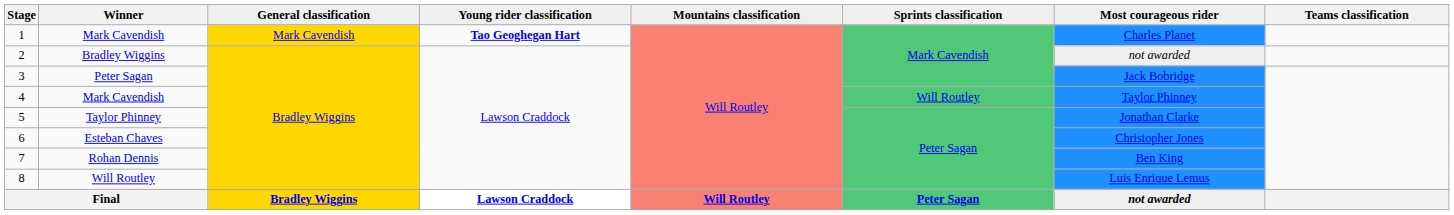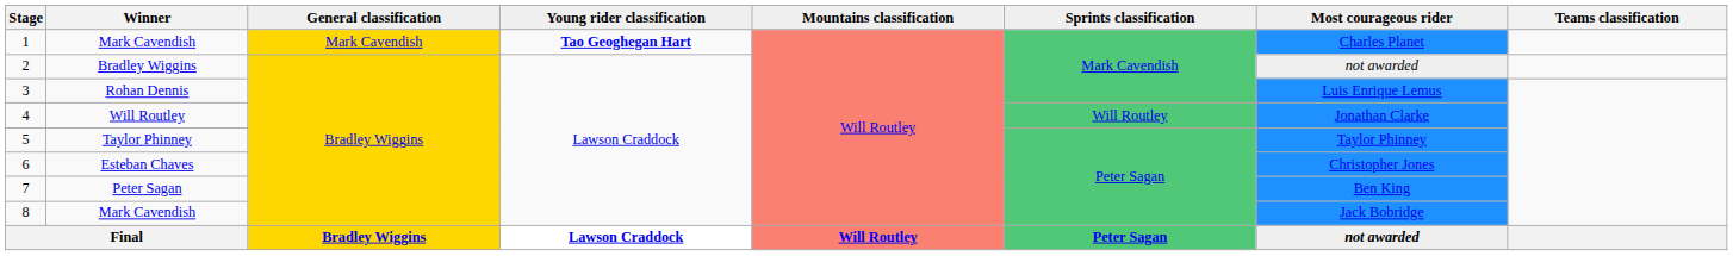 <table class="wikitable" style="text-align: center; font-size:smaller;">
 <tr style="background-color: #efefef;">
 <th>Stage</th>
 <th width="12%">Winner</th>
 <th style="background:#EFEFEF;" width="15%"><strong>General classification</strong><br></th>
 <th style="background:#EFEFEF;" width="15%"><strong>Young rider classification</strong><br></th>
 <th style="background:#EFEFEF;" width="15%"><strong>Mountains classification</strong><br></th>
 <th style="background:#EFEFEF;" width="15%"><strong>Sprints classification</strong><br></th>
 <th style="background:#EFEFEF;" width="15%"><strong>Most courageous rider</strong><br></th>
 <th style="background:;" width="25%"><strong>Teams classification</strong><br></th>
 </tr>
 <tr>
 <td>1</td>
 <td><a href='#'>Mark Cavendish</a></td>
 <td style="background:Gold;"><a href='#'>Mark Cavendish</a></td>
 <td style="background:offwhite;"><strong><a href='#'>Tao Geoghegan Hart</a></strong></td>
 <td style="background:salmon;" rowspan="8"><a href='#'>Will Routley</a></td>
 <td style="background:#50C878;" rowspan="3"><a href='#'>Mark Cavendish</a></td>
 <td style="background:#1E90FF;"><a href='#'>Charles Planet</a></td>
 <td></td>
 </tr>
 <tr>
 <td>2</td>
 <td><a href='#'>Bradley Wiggins</a></td>
 <td style="background:Gold;" rowspan="7"><a href='#'>Bradley Wiggins</a></td>
 <td style="background:offwhite;" rowspan="7"><a href='#'>Lawson Craddock</a></td>
 <td style="background:#EFEFEF;"><em>not awarded</em></td>
 <td></td>
 </tr>
 <tr>
 <td>3</td>
-<td><a href='#'>Peter Sagan</a></td>
-<td style="background:#1E90FF;"><a href='#'>Jack Bobridge</a></td>
+<td><a href='#'>Rohan Dennis</a></td>
+<td style="background:#1E90FF;"><a href='#'>Luis Enrique Lemus</a></td>
 <td rowspan=6></td>
 </tr>
 <tr>
 <td>4</td>
-<td><a href='#'>Mark Cavendish</a></td>
+<td><a href='#'>Will Routley</a></td>
 <td style="background:#50C878;"><a href='#'>Will Routley</a></td>
-<td style="background:#1E90FF;"><a href='#'>Taylor Phinney</a></td>
+<td style="background:#1E90FF;"><a href='#'>Jonathan Clarke</a></td>
 </tr>
 <tr>
 <td>5</td>
 <td><a href='#'>Taylor Phinney</a></td>
 <td style="background:#50C878;" rowspan=4><a href='#'>Peter Sagan</a></td>
-<td style="background:#1E90FF;"><a href='#'>Jonathan Clarke</a></td>
+<td style="background:#1E90FF;"><a href='#'>Taylor Phinney</a></td>
 </tr>
 <tr>
 <td>6</td>
 <td><a href='#'>Esteban Chaves</a></td>
 <td style="background:#1E90FF;"><a href='#'>Christopher Jones</a></td>
 </tr>
 <tr>
 <td>7</td>
-<td><a href='#'>Rohan Dennis</a></td>
+<td><a href='#'>Peter Sagan</a></td>
 <td style="background:#1E90FF;"><a href='#'>Ben King</a></td>
 </tr>
 <tr>
 <td>8</td>
-<td><a href='#'>Will Routley</a></td>
-<td style="background:#1E90FF;"><a href='#'>Luis Enrique Lemus</a></td>
+<td><a href='#'>Mark Cavendish</a></td>
+<td style="background:#1E90FF;"><a href='#'>Jack Bobridge</a></td>
 </tr>
 <tr>
 <th colspan=2><strong>Final</strong></th>
 <th style="background:Gold;"><a href='#'>Bradley Wiggins</a></th>
 <th style="background:White;"><a href='#'>Lawson Craddock</a></th>
 <th style="background:salmon;"><a href='#'>Will Routley</a></th>
 <th style="background:#50C878;"><a href='#'>Peter Sagan</a></th>
 <th style="background:#EFEFEF;"><em>not awarded</em></th>
 <th></th>
 </tr>
 </table>
